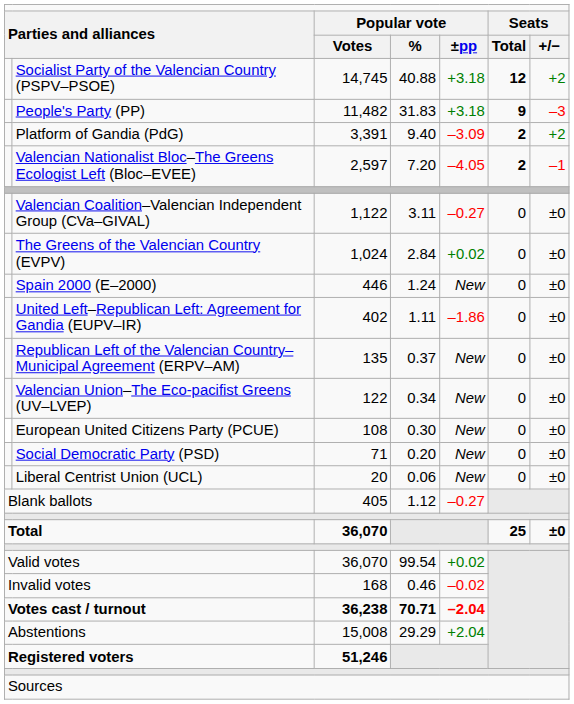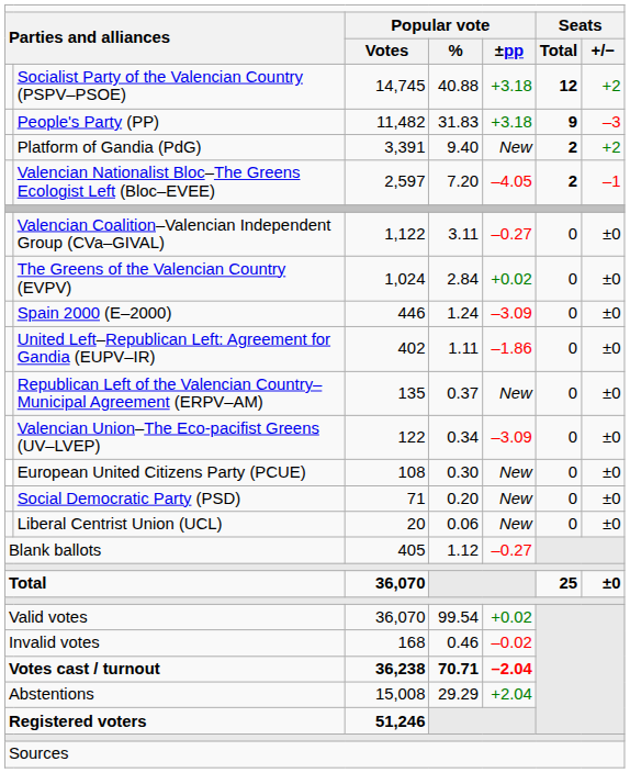 <table class="wikitable" style="text-align:right;">
 <tr>
 <td colspan="7"></td>
 </tr>
 <tr>
 <th style="text-align:left;" rowspan="2" colspan="2" width="525">Parties and alliances</th>
 <th colspan="3">Popular vote</th>
 <th colspan="2">Seats</th>
 </tr>
 <tr>
 <th width="75">Votes</th>
 <th width="45">%</th>
 <th width="45">±<a href='#'>pp</a></th>
 <th width="35">Total</th>
 <th width="35">+/−</th>
 </tr>
 <tr>
 <td width="1" style="color:inherit;background:"></td>
 <td align="left"><a href='#'>Socialist Party of the Valencian Country</a> (PSPV–PSOE)</td>
 <td>14,745</td>
 <td>40.88</td>
 <td style="color:green;">+3.18</td>
 <td><strong>12</strong></td>
 <td style="color:green;">+2</td>
 </tr>
 <tr>
 <td style="color:inherit;background:"></td>
 <td align="left"><a href='#'>People's Party</a> (PP)</td>
 <td>11,482</td>
 <td>31.83</td>
 <td style="color:green;">+3.18</td>
 <td><strong>9</strong></td>
 <td style="color:red;">–3</td>
 </tr>
 <tr>
 <td style="color:inherit;background:"></td>
 <td align="left">Platform of Gandia (PdG)</td>
 <td>3,391</td>
 <td>9.40</td>
-<td style="color:red;">–3.09</td>
+<td><em>New</em></td>
 <td><strong>2</strong></td>
 <td style="color:green;">+2</td>
 </tr>
 <tr>
 <td style="color:inherit;background:"></td>
 <td align="left"><a href='#'>Valencian Nationalist Bloc</a>–<a href='#'>The Greens Ecologist Left</a> (Bloc–EVEE)</td>
 <td>2,597</td>
 <td>7.20</td>
 <td style="color:red;">–4.05</td>
 <td><strong>2</strong></td>
 <td style="color:red;">–1</td>
 </tr>
 <tr>
 <td colspan="7" bgcolor="#C0C0C0"></td>
 </tr>
 <tr>
 <td style="color:inherit;background:"></td>
 <td align="left"><a href='#'>Valencian Coalition</a>–Valencian Independent Group (CVa–GIVAL)</td>
 <td>1,122</td>
 <td>3.11</td>
 <td style="color:red;">–0.27</td>
 <td>0</td>
 <td>±0</td>
 </tr>
 <tr>
 <td style="color:inherit;background:"></td>
 <td align="left"><a href='#'>The Greens of the Valencian Country</a> (EVPV)</td>
 <td>1,024</td>
 <td>2.84</td>
 <td style="color:green;">+0.02</td>
 <td>0</td>
 <td>±0</td>
 </tr>
 <tr>
 <td style="color:inherit;background:"></td>
 <td align="left"><a href='#'>Spain 2000</a> (E–2000)</td>
 <td>446</td>
 <td>1.24</td>
-<td><em>New</em></td>
+<td style="color:red;">–3.09</td>
 <td>0</td>
 <td>±0</td>
 </tr>
 <tr>
 <td style="color:inherit;background:"></td>
 <td align="left"><a href='#'>United Left</a>–<a href='#'>Republican Left: Agreement for Gandia</a> (EUPV–IR)</td>
 <td>402</td>
 <td>1.11</td>
 <td style="color:red;">–1.86</td>
 <td>0</td>
 <td>±0</td>
 </tr>
 <tr>
 <td style="color:inherit;background:"></td>
 <td align="left"><a href='#'>Republican Left of the Valencian Country–Municipal Agreement</a> (ERPV–AM)</td>
 <td>135</td>
 <td>0.37</td>
 <td><em>New</em></td>
 <td>0</td>
 <td>±0</td>
 </tr>
 <tr>
 <td style="color:inherit;background:"></td>
 <td align="left"><a href='#'>Valencian Union</a>–<a href='#'>The Eco-pacifist Greens</a> (UV–LVEP)</td>
 <td>122</td>
 <td>0.34</td>
-<td><em>New</em></td>
+<td style="color:red;">–3.09</td>
 <td>0</td>
 <td>±0</td>
 </tr>
 <tr>
 <td bgcolor="white"></td>
 <td align="left">European United Citizens Party (PCUE)</td>
 <td>108</td>
 <td>0.30</td>
 <td><em>New</em></td>
 <td>0</td>
 <td>±0</td>
 </tr>
 <tr>
 <td style="color:inherit;background:"></td>
 <td align="left"><a href='#'>Social Democratic Party</a> (PSD)</td>
 <td>71</td>
 <td>0.20</td>
 <td><em>New</em></td>
 <td>0</td>
 <td>±0</td>
 </tr>
 <tr>
 <td style="color:inherit;background:"></td>
 <td align="left">Liberal Centrist Union (UCL)</td>
 <td>20</td>
 <td>0.06</td>
 <td><em>New</em></td>
 <td>0</td>
 <td>±0</td>
 </tr>
 <tr>
 <td align="left" colspan="2">Blank ballots</td>
 <td>405</td>
 <td>1.12</td>
 <td style="color:red;">–0.27</td>
 <td bgcolor="#E9E9E9" colspan="2"></td>
 </tr>
 <tr>
 <td colspan="7" bgcolor="#E9E9E9"></td>
 </tr>
 <tr style="font-weight:bold;">
 <td align="left" colspan="2">Total</td>
 <td>36,070</td>
 <td bgcolor="#E9E9E9" colspan="2"></td>
 <td>25</td>
 <td>±0</td>
 </tr>
 <tr>
 <td colspan="7" bgcolor="#E9E9E9"></td>
 </tr>
 <tr>
 <td align="left" colspan="2">Valid votes</td>
 <td>36,070</td>
 <td>99.54</td>
 <td style="color:green;">+0.02</td>
 <td bgcolor="#E9E9E9" colspan="2" rowspan="5"></td>
 </tr>
 <tr>
 <td align="left" colspan="2">Invalid votes</td>
 <td>168</td>
 <td>0.46</td>
 <td style="color:red;">–0.02</td>
 </tr>
 <tr style="font-weight:bold;">
 <td align="left" colspan="2">Votes cast / turnout</td>
 <td>36,238</td>
 <td>70.71</td>
 <td style="color:red;">–2.04</td>
 </tr>
 <tr>
 <td align="left" colspan="2">Abstentions</td>
 <td>15,008</td>
 <td>29.29</td>
 <td style="color:green;">+2.04</td>
 </tr>
 <tr style="font-weight:bold;">
 <td align="left" colspan="2">Registered voters</td>
 <td>51,246</td>
 <td bgcolor="#E9E9E9" colspan="2"></td>
 </tr>
 <tr>
 <td colspan="7" bgcolor="#E9E9E9"></td>
 </tr>
 <tr>
 <td align="left" colspan="7">Sources</td>
 </tr>
 </table>
